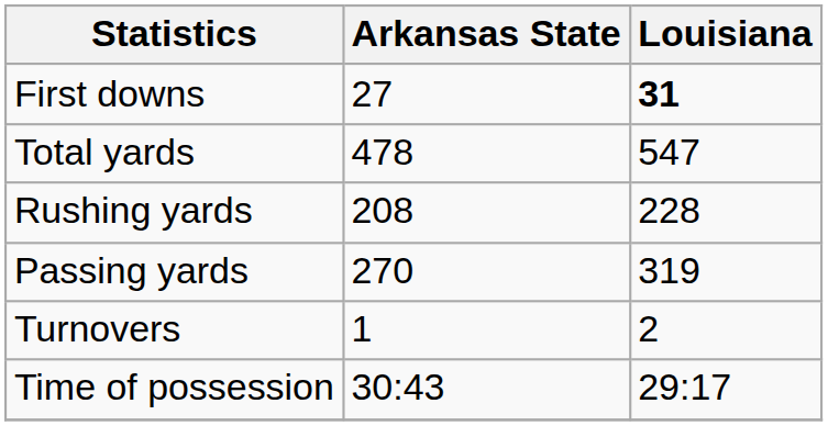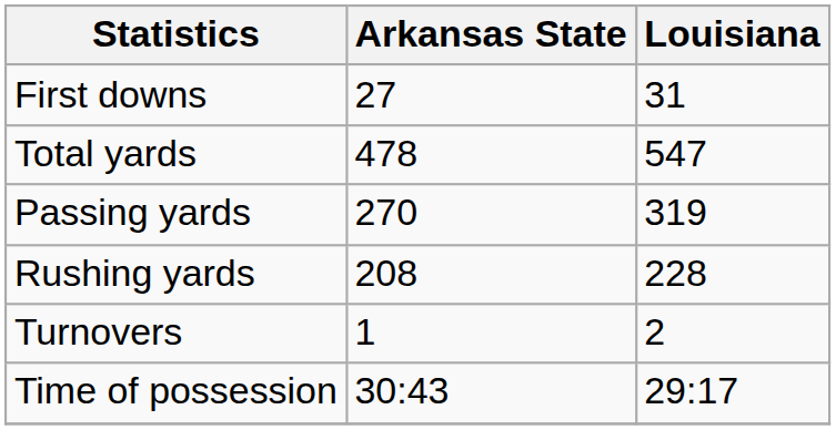 <table class="wikitable">
 <tr>
 <th>Statistics</th>
 <th>Arkansas State</th>
 <th>Louisiana</th>
 </tr>
 <tr>
 <td>First downs</td>
 <td>27</td>
-<td><strong>31</strong></td>
+<td>31</td>
 </tr>
 <tr>
 <td>Total yards</td>
 <td>478</td>
 <td>547</td>
 </tr>
 <tr>
+<td>Passing yards</td>
+<td>270</td>
+<td>319</td>
+</tr>
+<tr>
 <td>Rushing yards</td>
 <td>208</td>
 <td>228</td>
-</tr>
-<tr>
-<td>Passing yards</td>
-<td>270</td>
-<td>319</td>
 </tr>
 <tr>
 <td>Turnovers</td>
 <td>1</td>
 <td>2</td>
 </tr>
 <tr>
 <td>Time of possession</td>
 <td>30:43</td>
 <td>29:17</td>
 </tr>
 <tr>
 </tr>
 </table>
